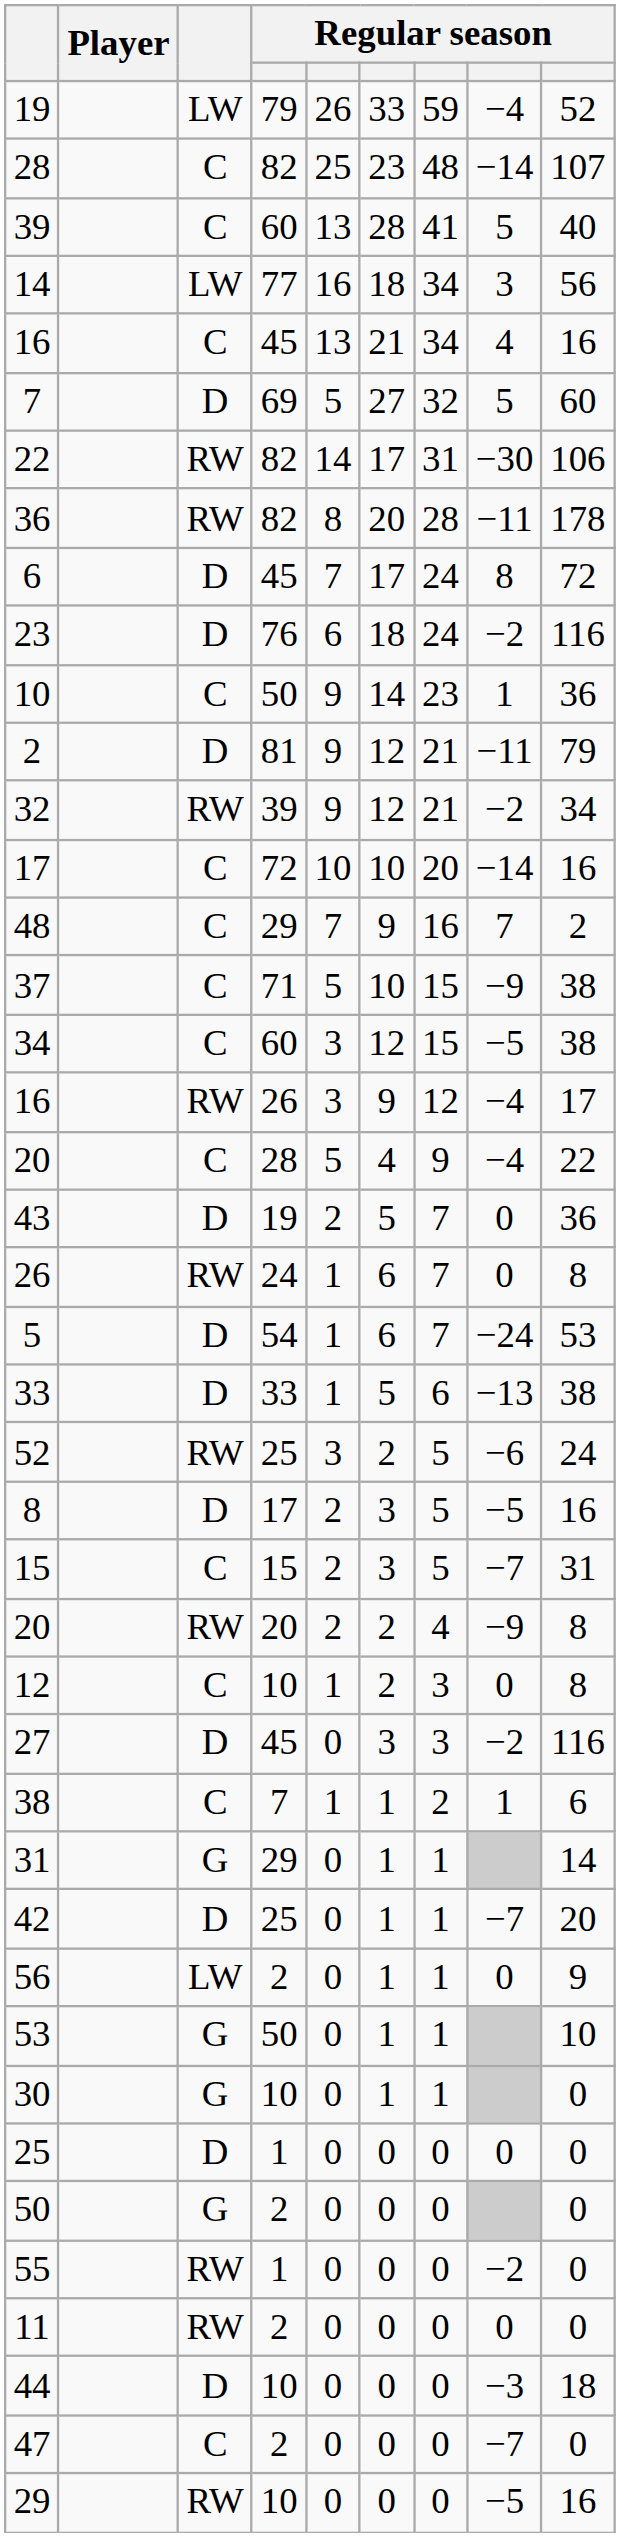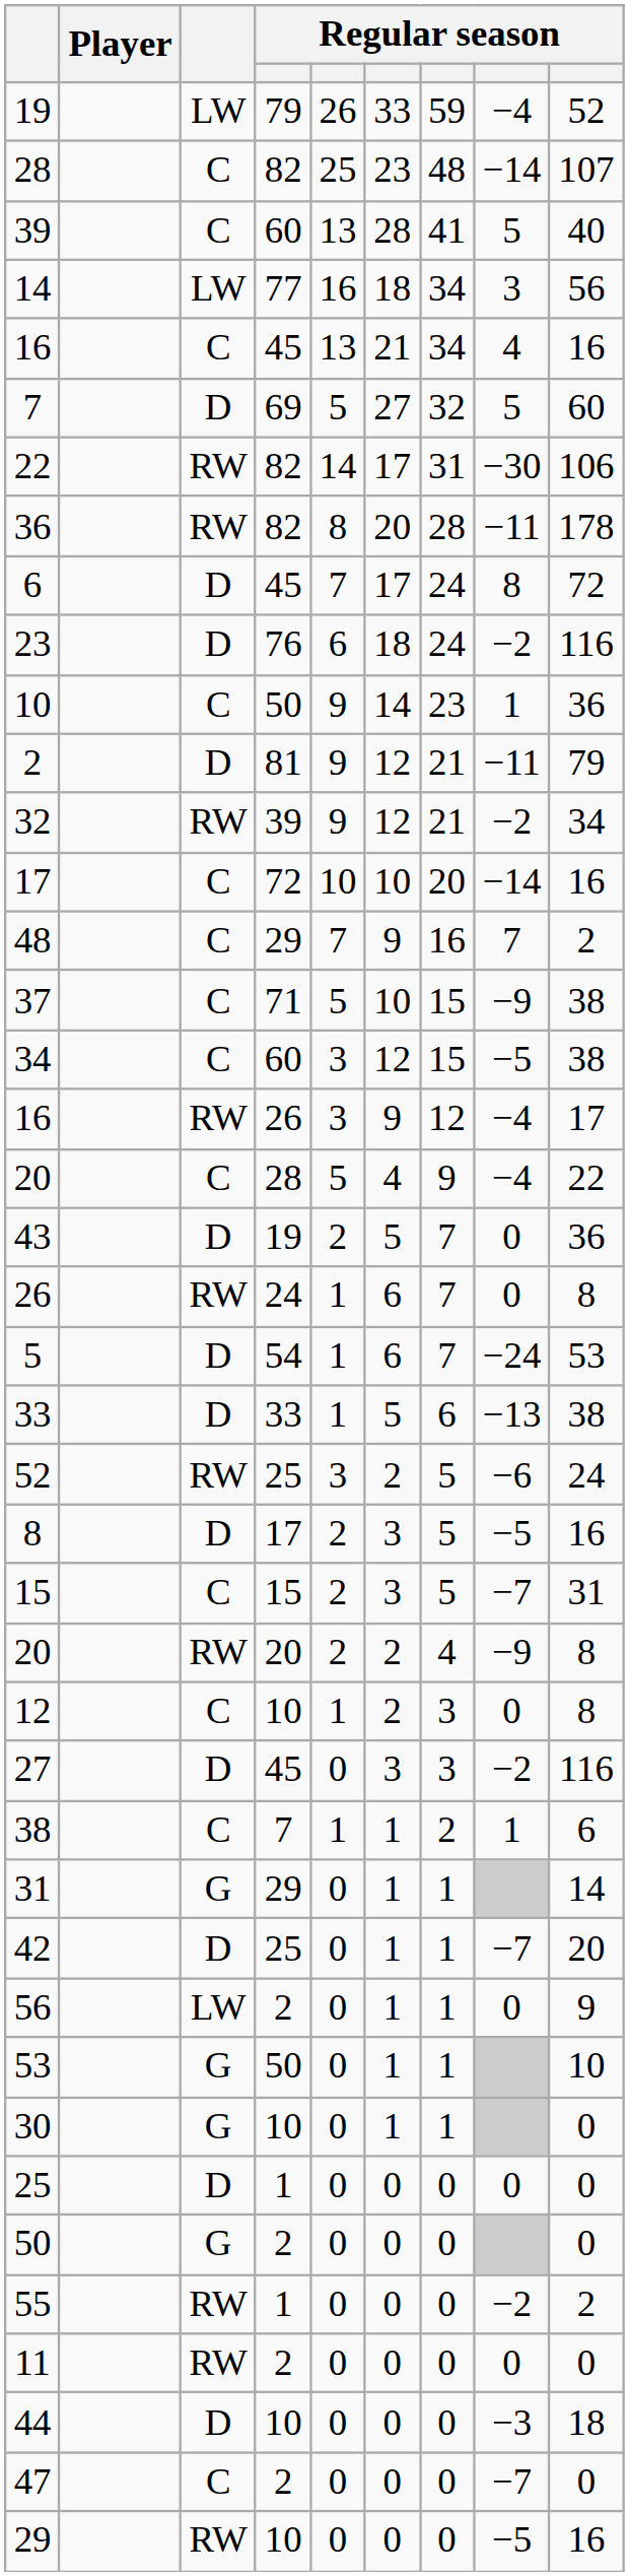 <table class="wikitable sortable plainrowheaders" style="text-align:center;">
 <tr>
 <th scope="col" data-sort-type="number" rowspan="2"></th>
 <th scope="col" rowspan="2">Player</th>
 <th scope="col" rowspan="2"></th>
 <th scope=colgroup colspan=6>Regular season</th>
 </tr>
 <tr>
 <th scope="col" data-sort-type="number"></th>
 <th scope="col" data-sort-type="number"></th>
 <th scope="col" data-sort-type="number"></th>
 <th scope="col" data-sort-type="number"></th>
 <th scope="col" data-sort-type="number"></th>
 <th scope="col" data-sort-type="number"></th>
 </tr>
 <tr>
 <td scope="row">19</td>
 <td align="left"></td>
 <td>LW</td>
 <td>79</td>
 <td>26</td>
 <td>33</td>
 <td>59</td>
 <td>−4</td>
 <td>52</td>
 </tr>
 <tr>
 <td scope="row">28</td>
 <td align="left"></td>
 <td>C</td>
 <td>82</td>
 <td>25</td>
 <td>23</td>
 <td>48</td>
 <td>−14</td>
 <td>107</td>
 </tr>
 <tr>
 <td scope="row">39</td>
 <td align="left"></td>
 <td>C</td>
 <td>60</td>
 <td>13</td>
 <td>28</td>
 <td>41</td>
 <td>5</td>
 <td>40</td>
 </tr>
 <tr>
 <td scope="row">14</td>
 <td align="left"></td>
 <td>LW</td>
 <td>77</td>
 <td>16</td>
 <td>18</td>
 <td>34</td>
 <td>3</td>
 <td>56</td>
 </tr>
 <tr>
 <td scope="row">16</td>
 <td align="left"></td>
 <td>C</td>
 <td>45</td>
 <td>13</td>
 <td>21</td>
 <td>34</td>
 <td>4</td>
 <td>16</td>
 </tr>
 <tr>
 <td scope="row">7</td>
 <td align="left"></td>
 <td>D</td>
 <td>69</td>
 <td>5</td>
 <td>27</td>
 <td>32</td>
 <td>5</td>
 <td>60</td>
 </tr>
 <tr>
 <td scope="row">22</td>
 <td align="left"></td>
 <td>RW</td>
 <td>82</td>
 <td>14</td>
 <td>17</td>
 <td>31</td>
 <td>−30</td>
 <td>106</td>
 </tr>
 <tr>
 <td scope="row">36</td>
 <td align="left"></td>
 <td>RW</td>
 <td>82</td>
 <td>8</td>
 <td>20</td>
 <td>28</td>
 <td>−11</td>
 <td>178</td>
 </tr>
 <tr>
 <td scope="row">6</td>
 <td align="left"></td>
 <td>D</td>
 <td>45</td>
 <td>7</td>
 <td>17</td>
 <td>24</td>
 <td>8</td>
 <td>72</td>
 </tr>
 <tr>
 <td scope="row">23</td>
 <td align="left"></td>
 <td>D</td>
 <td>76</td>
 <td>6</td>
 <td>18</td>
 <td>24</td>
 <td>−2</td>
 <td>116</td>
 </tr>
 <tr>
 <td scope="row">10</td>
 <td align="left"></td>
 <td>C</td>
 <td>50</td>
 <td>9</td>
 <td>14</td>
 <td>23</td>
 <td>1</td>
 <td>36</td>
 </tr>
 <tr>
 <td scope="row">2</td>
 <td align="left"></td>
 <td>D</td>
 <td>81</td>
 <td>9</td>
 <td>12</td>
 <td>21</td>
 <td>−11</td>
 <td>79</td>
 </tr>
 <tr>
 <td scope="row">32</td>
 <td align="left"></td>
 <td>RW</td>
 <td>39</td>
 <td>9</td>
 <td>12</td>
 <td>21</td>
 <td>−2</td>
 <td>34</td>
 </tr>
 <tr>
 <td scope="row">17</td>
 <td align="left"></td>
 <td>C</td>
 <td>72</td>
 <td>10</td>
 <td>10</td>
 <td>20</td>
 <td>−14</td>
 <td>16</td>
 </tr>
 <tr>
 <td scope="row">48</td>
 <td align="left"></td>
 <td>C</td>
 <td>29</td>
 <td>7</td>
 <td>9</td>
 <td>16</td>
 <td>7</td>
 <td>2</td>
 </tr>
 <tr>
 <td scope="row">37</td>
 <td align="left"></td>
 <td>C</td>
 <td>71</td>
 <td>5</td>
 <td>10</td>
 <td>15</td>
 <td>−9</td>
 <td>38</td>
 </tr>
 <tr>
 <td scope="row">34</td>
 <td align="left"></td>
 <td>C</td>
 <td>60</td>
 <td>3</td>
 <td>12</td>
 <td>15</td>
 <td>−5</td>
 <td>38</td>
 </tr>
 <tr>
 <td scope="row">16</td>
 <td align="left"></td>
 <td>RW</td>
 <td>26</td>
 <td>3</td>
 <td>9</td>
 <td>12</td>
 <td>−4</td>
 <td>17</td>
 </tr>
 <tr>
 <td scope="row">20</td>
 <td align="left"></td>
 <td>C</td>
 <td>28</td>
 <td>5</td>
 <td>4</td>
 <td>9</td>
 <td>−4</td>
 <td>22</td>
 </tr>
 <tr>
 <td scope="row">43</td>
 <td align="left"></td>
 <td>D</td>
 <td>19</td>
 <td>2</td>
 <td>5</td>
 <td>7</td>
 <td>0</td>
 <td>36</td>
 </tr>
 <tr>
 <td scope="row">26</td>
 <td align="left"></td>
 <td>RW</td>
 <td>24</td>
 <td>1</td>
 <td>6</td>
 <td>7</td>
 <td>0</td>
 <td>8</td>
 </tr>
 <tr>
 <td scope="row">5</td>
 <td align="left"></td>
 <td>D</td>
 <td>54</td>
 <td>1</td>
 <td>6</td>
 <td>7</td>
 <td>−24</td>
 <td>53</td>
 </tr>
 <tr>
 <td scope="row">33</td>
 <td align="left"></td>
 <td>D</td>
 <td>33</td>
 <td>1</td>
 <td>5</td>
 <td>6</td>
 <td>−13</td>
 <td>38</td>
 </tr>
 <tr>
 <td scope="row">52</td>
 <td align="left"></td>
 <td>RW</td>
 <td>25</td>
 <td>3</td>
 <td>2</td>
 <td>5</td>
 <td>−6</td>
 <td>24</td>
 </tr>
 <tr>
 <td scope="row">8</td>
 <td align="left"></td>
 <td>D</td>
 <td>17</td>
 <td>2</td>
 <td>3</td>
 <td>5</td>
 <td>−5</td>
 <td>16</td>
 </tr>
 <tr>
 <td scope="row">15</td>
 <td align="left"></td>
 <td>C</td>
 <td>15</td>
 <td>2</td>
 <td>3</td>
 <td>5</td>
 <td>−7</td>
 <td>31</td>
 </tr>
 <tr>
 <td scope="row">20</td>
 <td align="left"></td>
 <td>RW</td>
 <td>20</td>
 <td>2</td>
 <td>2</td>
 <td>4</td>
 <td>−9</td>
 <td>8</td>
 </tr>
 <tr>
 <td scope="row">12</td>
 <td align="left"></td>
 <td>C</td>
 <td>10</td>
 <td>1</td>
 <td>2</td>
 <td>3</td>
 <td>0</td>
 <td>8</td>
 </tr>
 <tr>
 <td scope="row">27</td>
 <td align="left"></td>
 <td>D</td>
 <td>45</td>
 <td>0</td>
 <td>3</td>
 <td>3</td>
 <td>−2</td>
 <td>116</td>
 </tr>
 <tr>
 <td scope="row">38</td>
 <td align="left"></td>
 <td>C</td>
 <td>7</td>
 <td>1</td>
 <td>1</td>
 <td>2</td>
 <td>1</td>
 <td>6</td>
 </tr>
 <tr>
 <td scope="row">31</td>
 <td align="left"></td>
 <td>G</td>
 <td>29</td>
 <td>0</td>
 <td>1</td>
 <td>1</td>
 <td style="background:#ccc"></td>
 <td>14</td>
 </tr>
 <tr>
 <td scope="row">42</td>
 <td align="left"></td>
 <td>D</td>
 <td>25</td>
 <td>0</td>
 <td>1</td>
 <td>1</td>
 <td>−7</td>
 <td>20</td>
 </tr>
 <tr>
 <td scope="row">56</td>
 <td align="left"></td>
 <td>LW</td>
 <td>2</td>
 <td>0</td>
 <td>1</td>
 <td>1</td>
 <td>0</td>
 <td>9</td>
 </tr>
 <tr>
 <td scope="row">53</td>
 <td align="left"></td>
 <td>G</td>
 <td>50</td>
 <td>0</td>
 <td>1</td>
 <td>1</td>
 <td style="background:#ccc"></td>
 <td>10</td>
 </tr>
 <tr>
 <td scope="row">30</td>
 <td align="left"></td>
 <td>G</td>
 <td>10</td>
 <td>0</td>
 <td>1</td>
 <td>1</td>
 <td style="background:#ccc"></td>
 <td>0</td>
 </tr>
 <tr>
 <td scope="row">25</td>
 <td align="left"></td>
 <td>D</td>
 <td>1</td>
 <td>0</td>
 <td>0</td>
 <td>0</td>
 <td>0</td>
 <td>0</td>
 </tr>
 <tr>
 <td scope="row">50</td>
 <td align="left"></td>
 <td>G</td>
 <td>2</td>
 <td>0</td>
 <td>0</td>
 <td>0</td>
 <td style="background:#ccc"></td>
 <td>0</td>
 </tr>
 <tr>
 <td scope="row">55</td>
 <td align="left"></td>
 <td>RW</td>
 <td>1</td>
 <td>0</td>
 <td>0</td>
 <td>0</td>
 <td>−2</td>
-<td>0</td>
+<td>2</td>
 </tr>
 <tr>
 <td scope="row">11</td>
 <td align="left"></td>
 <td>RW</td>
 <td>2</td>
 <td>0</td>
 <td>0</td>
 <td>0</td>
 <td>0</td>
 <td>0</td>
 </tr>
 <tr>
 <td scope="row">44</td>
 <td align="left"></td>
 <td>D</td>
 <td>10</td>
 <td>0</td>
 <td>0</td>
 <td>0</td>
 <td>−3</td>
 <td>18</td>
 </tr>
 <tr>
 <td scope="row">47</td>
 <td align="left"></td>
 <td>C</td>
 <td>2</td>
 <td>0</td>
 <td>0</td>
 <td>0</td>
 <td>−7</td>
 <td>0</td>
 </tr>
 <tr>
 <td scope="row">29</td>
 <td align="left"></td>
 <td>RW</td>
 <td>10</td>
 <td>0</td>
 <td>0</td>
 <td>0</td>
 <td>−5</td>
 <td>16</td>
 </tr>
 </table>
